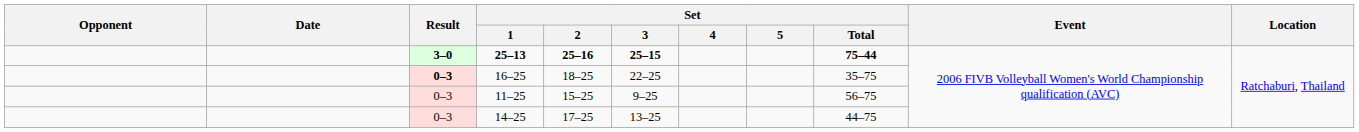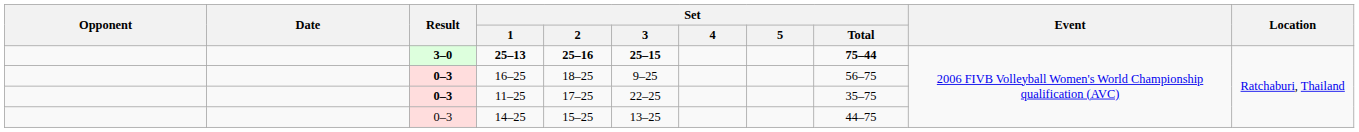 <table class="wikitable" style="font-size: 90%">
 <tr>
 <th rowspan=2 width=15%>Opponent</th>
 <th rowspan=2 width=15%>Date</th>
 <th rowspan=2 width=5%>Result</th>
 <th colspan=6>Set</th>
 <th rowspan=2 width=24%>Event</th>
 <th rowspan=2 width=16%>Location</th>
 </tr>
 <tr>
 <th width=5%>1</th>
 <th width=5%>2</th>
 <th width=5%>3</th>
 <th width=5%>4</th>
 <th width=5%>5</th>
 <th width=7%>Total</th>
 </tr>
 <tr style="text-align:center;">
 <td style="text-align:left;"></td>
 <td></td>
 <td style="background:#ddffdd;"><strong>3–0</strong></td>
 <td><strong>25–13</strong></td>
 <td><strong>25–16</strong></td>
 <td><strong>25–15</strong></td>
 <td></td>
 <td></td>
 <td><strong>75–44</strong></td>
 <td rowspan=4><a href='#'>2006 FIVB Volleyball Women's World Championship qualification (AVC)</a></td>
 <td rowspan=4><a href='#'>Ratchaburi</a>, <a href='#'>Thailand</a></td>
 </tr>
 <tr style="text-align:center;">
 <td style="text-align:left;"></td>
 <td></td>
 <td style="background:#ffdddd;"><strong>0–3</strong></td>
 <td>16–25</td>
 <td>18–25</td>
+<td>9–25</td>
+<td></td>
+<td></td>
+<td>56–75</td>
+</tr>
+<tr style="text-align:center;">
+<td style="text-align:left;"></td>
+<td></td>
+<td style="background:#ffdddd;"><strong>0–3</strong></td>
+<td>11–25</td>
+<td>17–25</td>
 <td>22–25</td>
 <td></td>
 <td></td>
 <td>35–75</td>
 </tr>
 <tr style="text-align:center;">
 <td style="text-align:left;"></td>
 <td></td>
 <td style="background:#ffdddd;">0–3</td>
-<td>11–25</td>
+<td>14–25</td>
 <td>15–25</td>
-<td>9–25</td>
-<td></td>
-<td></td>
-<td>56–75</td>
-</tr>
-<tr style="text-align:center;">
-<td style="text-align:left;"></td>
-<td></td>
-<td style="background:#ffdddd;">0–3</td>
-<td>14–25</td>
-<td>17–25</td>
 <td>13–25</td>
 <td></td>
 <td></td>
 <td>44–75</td>
 </tr>
 </table>
